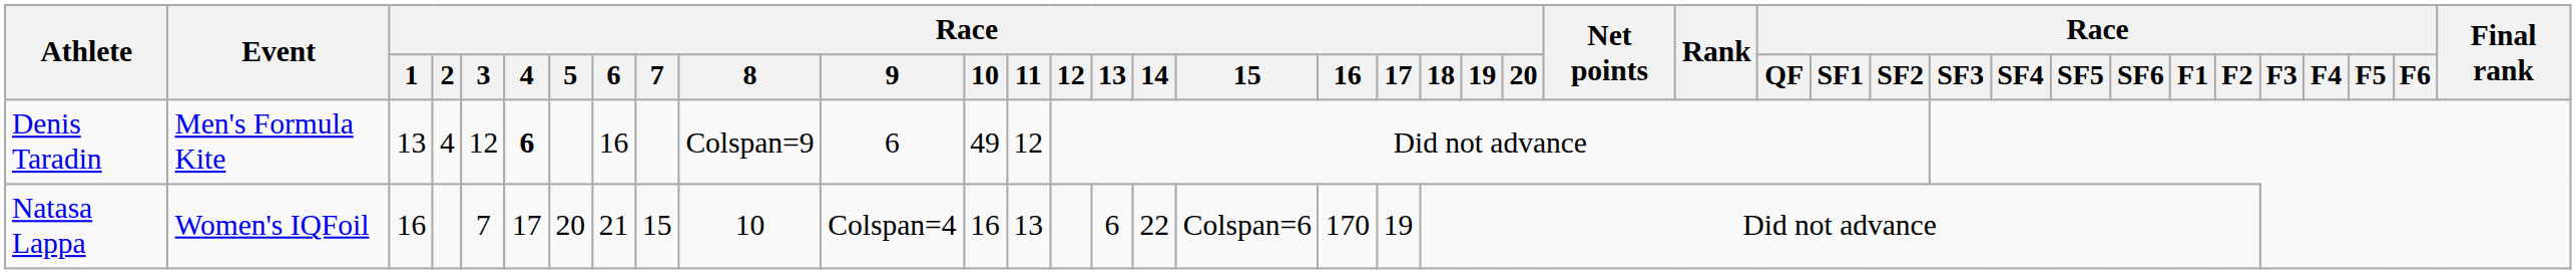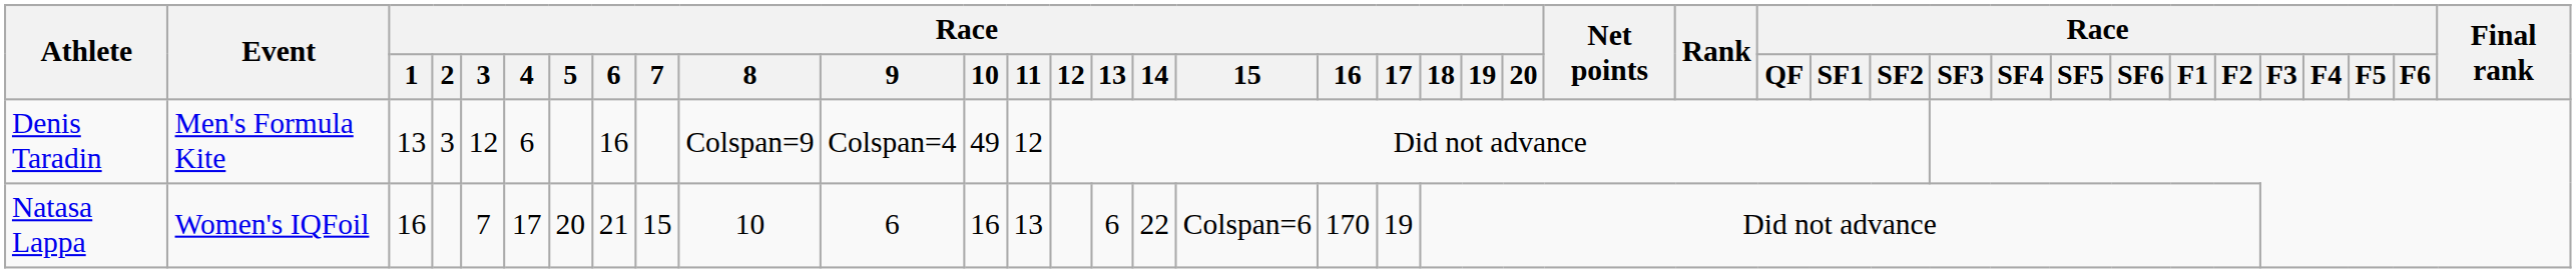 <table class="wikitable" style="font-size:90%">
 <tr>
 <th rowspan="2">Athlete</th>
 <th rowspan="2">Event</th>
 <th colspan=20>Race</th>
 <th rowspan=2>Net points</th>
 <th rowspan=2>Rank</th>
 <th colspan=13>Race</th>
 <th rowspan=2>Final rank</th>
 </tr>
 <tr style="font-size:95%">
 <th>1</th>
 <th>2</th>
 <th>3</th>
 <th>4</th>
 <th>5</th>
 <th>6</th>
 <th>7</th>
 <th>8</th>
 <th>9</th>
 <th>10</th>
 <th>11</th>
 <th>12</th>
 <th>13</th>
 <th>14</th>
 <th>15</th>
 <th>16</th>
 <th>17</th>
 <th>18</th>
 <th>19</th>
 <th>20</th>
 <th>QF</th>
 <th>SF1</th>
 <th>SF2</th>
 <th>SF3</th>
 <th>SF4</th>
 <th>SF5</th>
 <th>SF6</th>
 <th>F1</th>
 <th>F2</th>
 <th>F3</th>
 <th>F4</th>
 <th>F5</th>
 <th>F6</th>
 </tr>
 <tr align=center>
 <td align=left><a href='#'>Denis Taradin</a></td>
 <td align=left><a href='#'>Men's Formula Kite</a></td>
 <td>13</td>
-<td>4</td>
+<td>3</td>
 <td>12</td>
-<td><strong>6</strong></td>
+<td>6</td>
 <td></td>
 <td>16</td>
 <td></td>
 <td>Colspan=9</td>
-<td>6</td>
+<td>Colspan=4</td>
 <td>49</td>
 <td>12</td>
 <td Colspan=14>Did not advance</td>
 </tr>
 <tr align=center>
 <td align=left><a href='#'>Natasa Lappa</a></td>
 <td align=left><a href='#'>Women's IQFoil</a></td>
 <td>16</td>
 <td></td>
 <td>7</td>
 <td>17</td>
 <td>20</td>
 <td>21</td>
 <td>15</td>
 <td>10</td>
-<td>Colspan=4</td>
+<td>6</td>
 <td>16</td>
 <td>13</td>
 <td></td>
 <td>6</td>
 <td>22</td>
 <td>Colspan=6</td>
 <td>170</td>
 <td>19</td>
 <td Colspan=14>Did not advance</td>
 </tr>
 </table>
